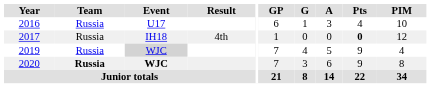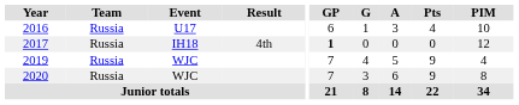 <table border="0" cellpadding="1" cellspacing="0" ID="Table3" style="text-align:center; width:40em">
 <tr ALIGN="center" bgcolor="#e0e0e0">
 <th>Year</th>
 <th>Team</th>
 <th>Event</th>
 <th>Result</th>
 <th rowspan="96" bgcolor="#ffffff"></th>
 <th>GP</th>
 <th>G</th>
 <th>A</th>
 <th>Pts</th>
 <th>PIM</th>
 </tr>
 <tr>
 <td><a href='#'>2016</a></td>
 <td><a href='#'>Russia</a></td>
 <td><a href='#'>U17</a></td>
 <td></td>
 <td>6</td>
 <td>1</td>
 <td>3</td>
 <td>4</td>
 <td>10</td>
 </tr>
 <tr bgcolor="#f0f0f0">
 <td><a href='#'>2017</a></td>
 <td>Russia</td>
 <td><a href='#'>IH18</a></td>
 <td>4th</td>
-<td>1</td>
+<td><strong>1</strong></td>
 <td>0</td>
 <td>0</td>
-<td><strong>0</strong></td>
+<td>0</td>
 <td>12</td>
 </tr>
 <tr>
 <td><a href='#'>2019</a></td>
 <td><a href='#'>Russia</a></td>
-<td style="background: lightgrey;"><a href='#'>WJC</a></td>
+<td><a href='#'>WJC</a></td>
 <td></td>
 <td>7</td>
 <td>4</td>
 <td>5</td>
 <td>9</td>
 <td>4</td>
 </tr>
 <tr bgcolor="#f0f0f0">
 <td><a href='#'>2020</a></td>
-<td><strong>Russia</strong></td>
-<td><strong>WJC</strong></td>
+<td>Russia</td>
+<td>WJC</td>
 <td></td>
 <td>7</td>
 <td>3</td>
 <td>6</td>
 <td>9</td>
 <td>8</td>
 </tr>
 <tr bgcolor="#e0e0e0">
 <th colspan="4">Junior totals</th>
 <th>21</th>
 <th>8</th>
 <th>14</th>
 <th>22</th>
 <th>34</th>
 </tr>
 </table>
